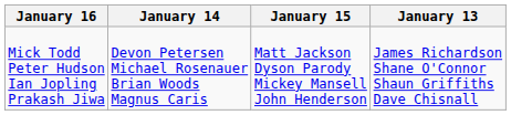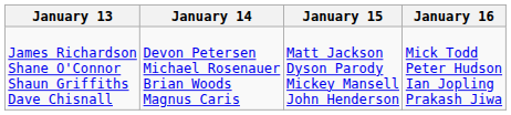 <table class="wikitable">
 <tr>
-<th>January 16</th>
+<th>January 13</th>
 <th>January 14</th>
 <th>January 15</th>
-<th>January 13</th>
+<th>January 16</th>
 </tr>
 <tr>
-<td><br> <a href='#'>Mick Todd</a> <br>  <a href='#'>Peter Hudson</a> <br>  <a href='#'>Ian Jopling</a> <br>  <a href='#'>Prakash Jiwa</a> <br></td>
+<td><br> <a href='#'>James Richardson</a> <br>  <a href='#'>Shane O'Connor</a> <br>  <a href='#'>Shaun Griffiths</a> <br>  <a href='#'>Dave Chisnall</a> <br></td>
 <td><br> <a href='#'>Devon Petersen</a> <br>  <a href='#'>Michael Rosenauer</a> <br>  <a href='#'>Brian Woods</a> <br>  <a href='#'>Magnus Caris</a> <br></td>
 <td><br> <a href='#'>Matt Jackson</a> <br>  <a href='#'>Dyson Parody</a> <br>  <a href='#'>Mickey Mansell</a><br>  <a href='#'>John Henderson</a><br></td>
-<td><br> <a href='#'>James Richardson</a> <br>  <a href='#'>Shane O'Connor</a> <br>  <a href='#'>Shaun Griffiths</a> <br>  <a href='#'>Dave Chisnall</a> <br></td>
+<td><br> <a href='#'>Mick Todd</a> <br>  <a href='#'>Peter Hudson</a> <br>  <a href='#'>Ian Jopling</a> <br>  <a href='#'>Prakash Jiwa</a> <br></td>
 </tr>
 </table>
